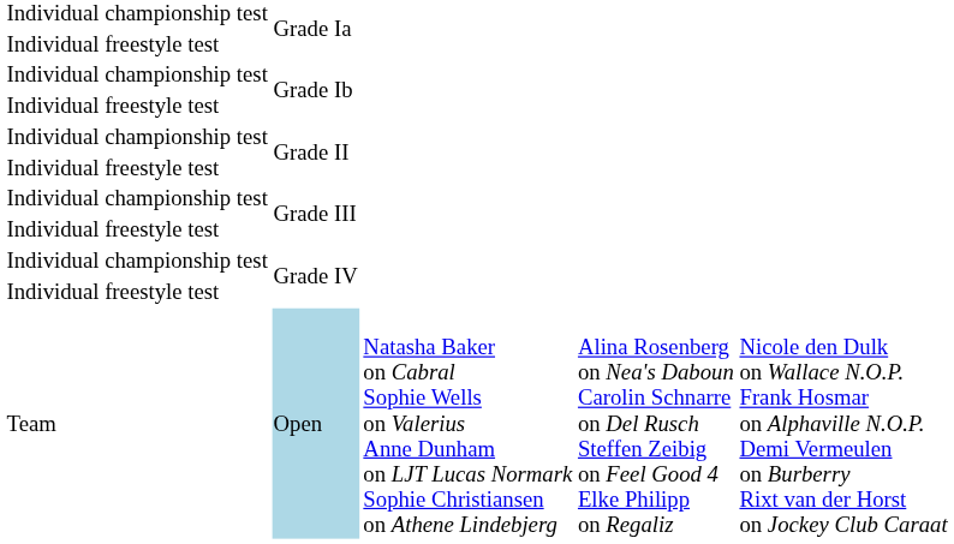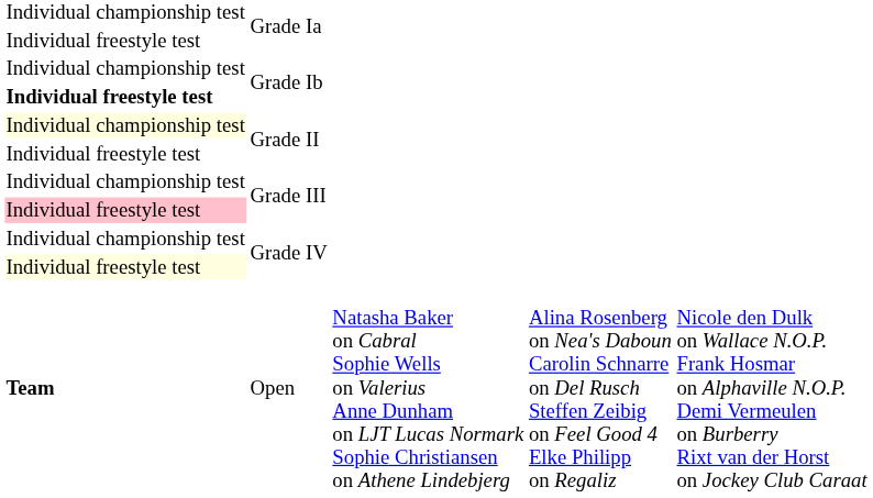 <table>
 <tr>
 <td nowrap>Individual championship test<br></td>
 <td rowspan=2>Grade Ia</td>
 <td></td>
 <td></td>
 <td></td>
 </tr>
 <tr>
 <td>Individual freestyle test<br></td>
 <td></td>
 <td></td>
 <td></td>
 </tr>
 <tr>
 <td>Individual championship test<br></td>
 <td rowspan=2>Grade Ib</td>
 <td></td>
 <td></td>
 <td></td>
 </tr>
 <tr>
-<td>Individual freestyle test<br></td>
+<td><strong>Individual freestyle test<br></strong></td>
 <td></td>
 <td></td>
 <td></td>
 </tr>
 <tr>
-<td>Individual championship test<br></td>
+<td style="background: lightyellow;">Individual championship test<br></td>
 <td rowspan=2>Grade II</td>
 <td></td>
 <td></td>
 <td></td>
 </tr>
 <tr>
 <td>Individual freestyle test<br></td>
 <td></td>
 <td></td>
 <td></td>
 </tr>
 <tr>
 <td>Individual championship test<br></td>
 <td rowspan=2>Grade III</td>
 <td nowrap></td>
 <td></td>
 <td></td>
 </tr>
 <tr>
-<td>Individual freestyle test<br></td>
+<td style="background: pink;">Individual freestyle test<br></td>
 <td></td>
 <td nowrap></td>
 <td nowrap></td>
 </tr>
 <tr>
 <td>Individual championship test<br></td>
 <td rowspan=2>Grade IV</td>
 <td></td>
 <td></td>
 <td></td>
 </tr>
 <tr>
-<td>Individual freestyle test<br></td>
+<td style="background: lightyellow;">Individual freestyle test<br></td>
 <td></td>
 <td></td>
 <td></td>
 </tr>
 <tr>
-<td>Team<br></td>
-<td style="background: lightblue;">Open</td>
+<td><strong>Team<br></strong></td>
+<td>Open</td>
 <td><br><a href='#'>Natasha Baker</a><br>on <em>Cabral</em><br><a href='#'>Sophie Wells</a><br>on <em>Valerius</em><br><a href='#'>Anne Dunham</a><br>on <em>LJT Lucas Normark</em><br><a href='#'>Sophie Christiansen</a><br>on <em>Athene Lindebjerg</em></td>
 <td><br><a href='#'>Alina Rosenberg</a><br>on <em>Nea's Daboun</em><br><a href='#'>Carolin Schnarre</a><br>on <em>Del Rusch</em><br><a href='#'>Steffen Zeibig</a><br>on <em>Feel Good 4</em><br><a href='#'>Elke Philipp</a><br>on <em>Regaliz</em></td>
 <td><br><a href='#'>Nicole den Dulk</a><br>on <em>Wallace N.O.P.</em><br><a href='#'>Frank Hosmar</a><br>on <em>Alphaville N.O.P.</em><br><a href='#'>Demi Vermeulen</a><br>on <em>Burberry</em><br><a href='#'>Rixt van der Horst</a><br>on <em>Jockey Club Caraat</em></td>
 </tr>
 </table>
